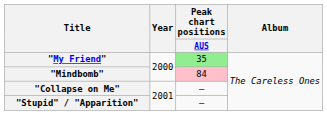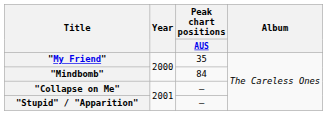 <table class="wikitable plainrowheaders" style="text-align:center;" border="1">
 <tr>
 <th scope="col" rowspan="2" style="width:16em;">Title</th>
 <th scope="col" rowspan="2">Year</th>
 <th scope="col" colspan="1">Peak chart positions</th>
 <th scope="col" rowspan="2">Album</th>
 </tr>
 <tr>
 <th scope="col" style="width:3em;font-size:90%;"><a href='#'>AUS</a><br></th>
 </tr>
 <tr>
 <th scope="row">"<a href='#'>My Friend</a>"</th>
 <td rowspan="2">2000</td>
-<td style="background: lightgreen;">35</td>
+<td>35</td>
 <td rowspan="4"><em>The Careless Ones</em></td>
 </tr>
 <tr>
 <th scope="row">"Mindbomb"</th>
-<td style="background: pink;">84</td>
+<td>84</td>
 </tr>
 <tr>
 <th scope="row">"Collapse on Me"</th>
 <td rowspan="2">2001</td>
 <td>—</td>
 </tr>
 <tr>
 <th scope="row">"Stupid" / "Apparition"</th>
 <td>—</td>
 </tr>
 </table>
